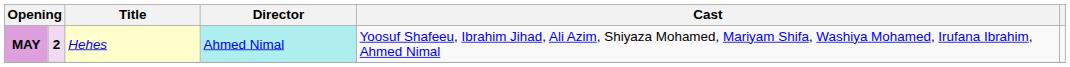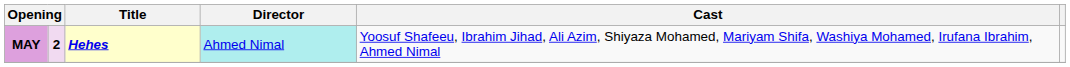 <table class="wikitable plainrowheaders" width="100%">
 <tr>
 <th scope="col" colspan="2" width="4%">Opening</th>
 <th scope="col" width="13%">Title</th>
 <th scope="col" width="15%">Director</th>
 <th scope="col" width="73%">Cast</th>
 <th scope="col" width="2%"></th>
 </tr>
 <tr>
 <td style="text-align:center; background:plum; textcolor:#000;"><strong>MAY</strong></td>
 <td style="text-align:center; background:#f1daf1;"><strong>2</strong></td>
-<td style="background:#ffc;"><em><a href='#'>Hehes</a></em>  </td>
+<td style="background:#ffc;"><strong><em><a href='#'>Hehes</a></em>  </strong></td>
 <td style="background: paleturquoise;"><a href='#'>Ahmed Nimal</a></td>
 <td><a href='#'>Yoosuf Shafeeu</a>, <a href='#'>Ibrahim Jihad</a>, <a href='#'>Ali Azim</a>, Shiyaza Mohamed, <a href='#'>Mariyam Shifa</a>, <a href='#'>Washiya Mohamed</a>, <a href='#'>Irufana Ibrahim</a>, <a href='#'>Ahmed Nimal</a></td>
 <td style="text-align:center;"></td>
 </tr>
 <tr>
 </tr>
 </table>
